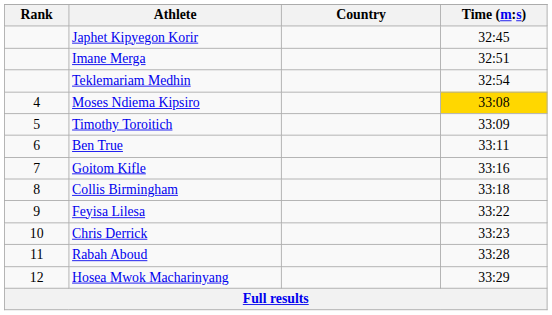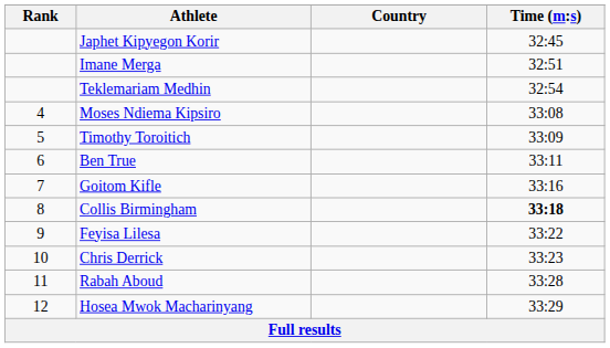 <table class="wikitable" width=50%>
 <tr>
 </tr>
 <tr>
 <th width=5%>Rank</th>
 <th width=20%>Athlete</th>
 <th width=15%>Country</th>
 <th width=10%>Time (<a href='#'>m</a>:<a href='#'>s</a>)</th>
 </tr>
 <tr align="center">
 <td></td>
 <td align="left"><a href='#'>Japhet Kipyegon Korir</a></td>
 <td align="left"></td>
 <td>32:45</td>
 </tr>
 <tr align="center">
 <td></td>
 <td align="left"><a href='#'>Imane Merga</a></td>
 <td align="left"></td>
 <td>32:51</td>
 </tr>
 <tr align="center">
 <td></td>
 <td align="left"><a href='#'>Teklemariam Medhin</a></td>
 <td align="left"></td>
 <td>32:54</td>
 </tr>
 <tr align="center">
 <td>4</td>
 <td align="left"><a href='#'>Moses Ndiema Kipsiro</a></td>
 <td align="left"></td>
-<td style="background: gold;">33:08</td>
+<td>33:08</td>
 </tr>
 <tr align="center">
 <td>5</td>
 <td align="left"><a href='#'>Timothy Toroitich</a></td>
 <td align="left"></td>
 <td>33:09</td>
 </tr>
 <tr align="center">
 <td>6</td>
 <td align="left"><a href='#'>Ben True</a></td>
 <td align="left"></td>
 <td>33:11</td>
 </tr>
 <tr align="center">
 <td>7</td>
 <td align="left"><a href='#'>Goitom Kifle</a></td>
 <td align="left"></td>
 <td>33:16</td>
 </tr>
 <tr align="center">
 <td>8</td>
 <td align="left"><a href='#'>Collis Birmingham</a></td>
 <td align="left"></td>
-<td>33:18</td>
+<td><strong>33:18</strong></td>
 </tr>
 <tr align="center">
 <td>9</td>
 <td align="left"><a href='#'>Feyisa Lilesa</a></td>
 <td align="left"></td>
 <td>33:22</td>
 </tr>
 <tr align="center">
 <td>10</td>
 <td align="left"><a href='#'>Chris Derrick</a></td>
 <td align="left"></td>
 <td>33:23</td>
 </tr>
 <tr align="center">
 <td>11</td>
 <td align="left"><a href='#'>Rabah Aboud</a></td>
 <td align="left"></td>
 <td>33:28</td>
 </tr>
 <tr align="center">
 <td>12</td>
 <td align="left"><a href='#'>Hosea Mwok Macharinyang</a></td>
 <td align="left"></td>
 <td>33:29</td>
 </tr>
 <tr class="sortbottom">
 <th colspan=4 align=center><a href='#'>Full results</a></th>
 </tr>
 </table>
